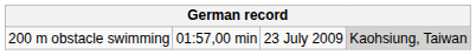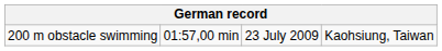 <table class="wikitable">
 <tr>
 <th colspan="4">German record</th>
 </tr>
 <tr>
 <td>200 m obstacle swimming</td>
 <td>01:57,00 min</td>
 <td>23 July 2009</td>
-<td style="background: lightgrey;">Kaohsiung, Taiwan</td>
+<td>Kaohsiung, Taiwan</td>
 </tr>
 </table>
